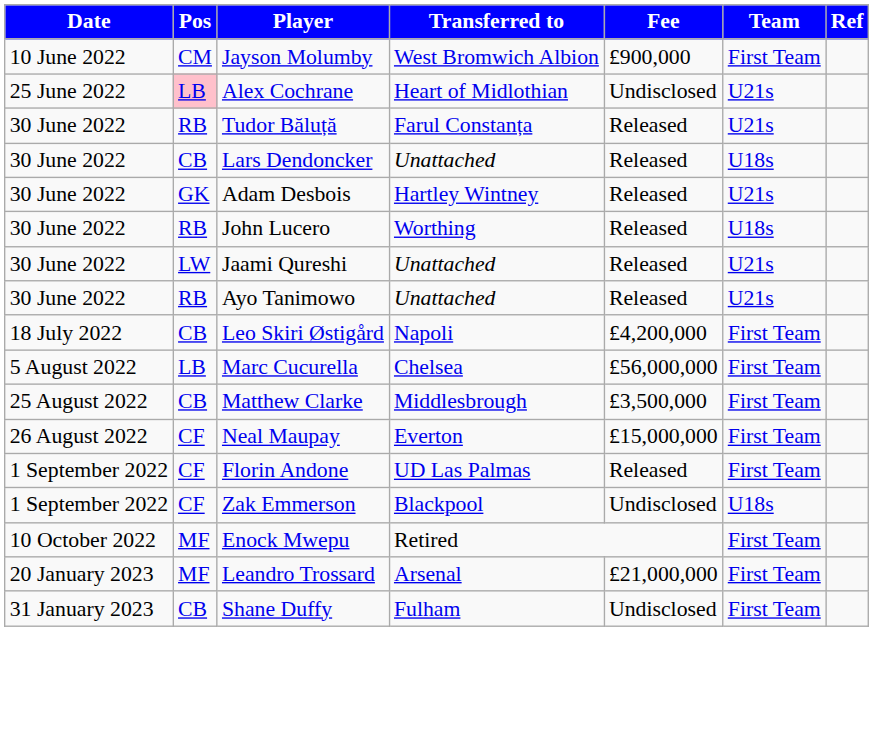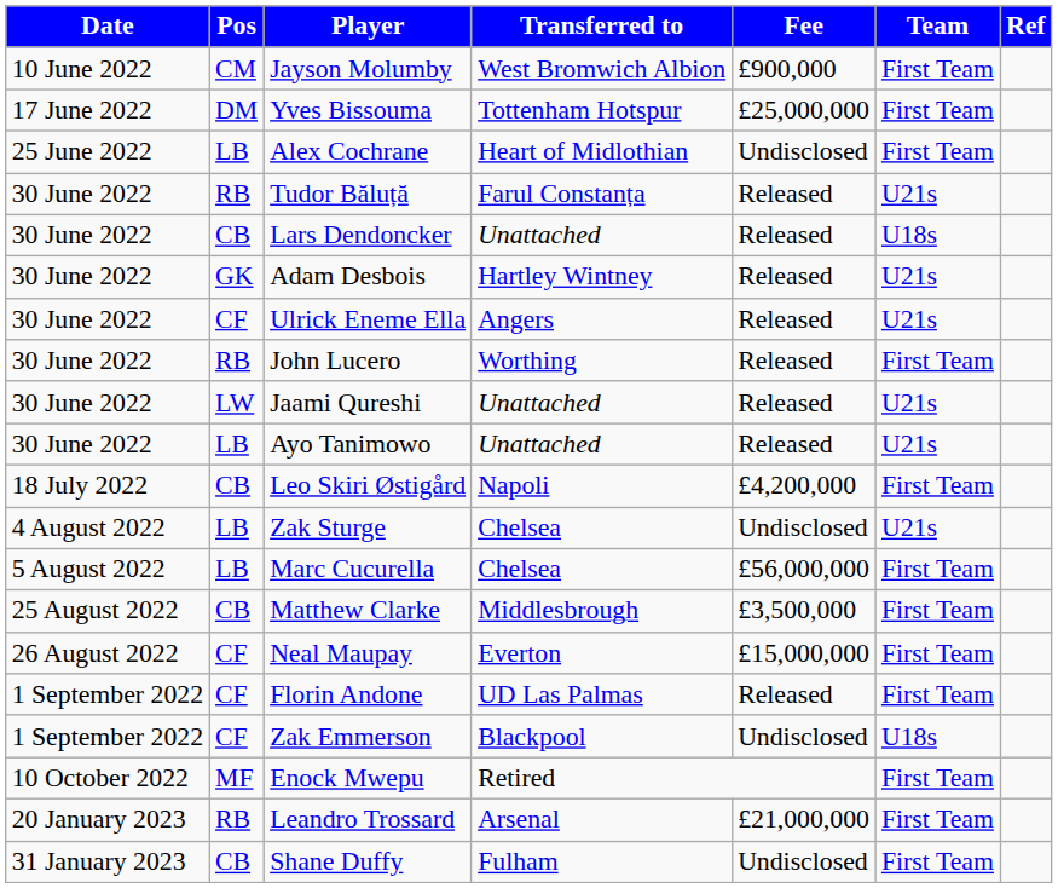 <table class="wikitable plainrowheaders sortable">
 <tr>
 <th style="background:#0000FF; color:#FFFFFF; ">Date</th>
 <th style="background:#0000FF; color:#FFFFFF; ">Pos</th>
 <th style="background:#0000FF; color:#FFFFFF; ">Player</th>
 <th style="background:#0000FF; color:#FFFFFF; ">Transferred to</th>
 <th style="background:#0000FF; color:#FFFFFF; ">Fee</th>
 <th style="background:#0000FF; color:#FFFFFF; ">Team</th>
 <th style="background:#0000FF; color:#FFFFFF; ">Ref</th>
 </tr>
 <tr>
 <td>10 June 2022</td>
 <td><a href='#'>CM</a></td>
 <td> <a href='#'>Jayson Molumby</a></td>
 <td> <a href='#'>West Bromwich Albion</a></td>
 <td>£900,000</td>
 <td><a href='#'>First Team</a></td>
 <td></td>
 </tr>
 <tr>
+<td>17 June 2022</td>
+<td><a href='#'>DM</a></td>
+<td> <a href='#'>Yves Bissouma</a></td>
+<td> <a href='#'>Tottenham Hotspur</a></td>
+<td>£25,000,000</td>
+<td><a href='#'>First Team</a></td>
+<td></td>
+</tr>
+<tr>
 <td>25 June 2022</td>
-<td style="background: pink;"><a href='#'>LB</a></td>
+<td><a href='#'>LB</a></td>
 <td> <a href='#'>Alex Cochrane</a></td>
 <td> <a href='#'>Heart of Midlothian</a></td>
 <td>Undisclosed</td>
-<td><a href='#'>U21s</a></td>
+<td><a href='#'>First Team</a></td>
 <td></td>
 </tr>
 <tr>
 <td>30 June 2022</td>
 <td><a href='#'>RB</a></td>
 <td> <a href='#'>Tudor Băluță</a></td>
 <td> <a href='#'>Farul Constanța</a></td>
 <td>Released</td>
 <td><a href='#'>U21s</a></td>
 <td></td>
 </tr>
 <tr>
 <td>30 June 2022</td>
 <td><a href='#'>CB</a></td>
 <td> <a href='#'>Lars Dendoncker</a></td>
 <td> <em>Unattached</em></td>
 <td>Released</td>
 <td><a href='#'>U18s</a></td>
 <td></td>
 </tr>
 <tr>
 <td>30 June 2022</td>
 <td><a href='#'>GK</a></td>
 <td> Adam Desbois</td>
 <td> <a href='#'>Hartley Wintney</a></td>
 <td>Released</td>
 <td><a href='#'>U21s</a></td>
 <td></td>
 </tr>
 <tr>
 <td>30 June 2022</td>
+<td><a href='#'>CF</a></td>
+<td> <a href='#'>Ulrick Eneme Ella</a></td>
+<td> <a href='#'>Angers</a></td>
+<td>Released</td>
+<td><a href='#'>U21s</a></td>
+<td></td>
+</tr>
+<tr>
+<td>30 June 2022</td>
 <td><a href='#'>RB</a></td>
 <td> John Lucero</td>
 <td> <a href='#'>Worthing</a></td>
 <td>Released</td>
-<td><a href='#'>U18s</a></td>
+<td><a href='#'>First Team</a></td>
 <td></td>
 </tr>
 <tr>
 <td>30 June 2022</td>
 <td><a href='#'>LW</a></td>
 <td> Jaami Qureshi</td>
 <td> <em>Unattached</em></td>
 <td>Released</td>
 <td><a href='#'>U21s</a></td>
 <td></td>
 </tr>
 <tr>
 <td>30 June 2022</td>
-<td><a href='#'>RB</a></td>
+<td><a href='#'>LB</a></td>
 <td> Ayo Tanimowo</td>
 <td> <em>Unattached</em></td>
 <td>Released</td>
 <td><a href='#'>U21s</a></td>
 <td></td>
 </tr>
 <tr>
 <td>18 July 2022</td>
 <td><a href='#'>CB</a></td>
 <td> <a href='#'>Leo Skiri Østigård</a></td>
 <td> <a href='#'>Napoli</a></td>
 <td>£4,200,000</td>
 <td><a href='#'>First Team</a></td>
+<td></td>
+</tr>
+<tr>
+<td>4 August 2022</td>
+<td><a href='#'>LB</a></td>
+<td> <a href='#'>Zak Sturge</a></td>
+<td> <a href='#'>Chelsea</a></td>
+<td>Undisclosed</td>
+<td><a href='#'>U21s</a></td>
 <td></td>
 </tr>
 <tr>
 <td>5 August 2022</td>
 <td><a href='#'>LB</a></td>
 <td> <a href='#'>Marc Cucurella</a></td>
 <td> <a href='#'>Chelsea</a></td>
 <td>£56,000,000</td>
 <td><a href='#'>First Team</a></td>
 <td></td>
 </tr>
 <tr>
 <td>25 August 2022</td>
 <td><a href='#'>CB</a></td>
 <td> <a href='#'>Matthew Clarke</a></td>
 <td> <a href='#'>Middlesbrough</a></td>
 <td>£3,500,000</td>
 <td><a href='#'>First Team</a></td>
 <td></td>
 </tr>
 <tr>
 <td>26 August 2022</td>
 <td><a href='#'>CF</a></td>
 <td> <a href='#'>Neal Maupay</a></td>
 <td> <a href='#'>Everton</a></td>
 <td>£15,000,000</td>
 <td><a href='#'>First Team</a></td>
 <td></td>
 </tr>
 <tr>
 <td>1 September 2022</td>
 <td><a href='#'>CF</a></td>
 <td> <a href='#'>Florin Andone</a></td>
 <td> <a href='#'>UD Las Palmas</a></td>
 <td>Released</td>
 <td><a href='#'>First Team</a></td>
 <td></td>
 </tr>
 <tr>
 <td>1 September 2022</td>
 <td><a href='#'>CF</a></td>
 <td> <a href='#'>Zak Emmerson</a></td>
 <td> <a href='#'>Blackpool</a></td>
 <td>Undisclosed</td>
 <td><a href='#'>U18s</a></td>
 <td></td>
 </tr>
 <tr>
 <td>10 October 2022</td>
 <td><a href='#'>MF</a></td>
 <td> <a href='#'>Enock Mwepu</a></td>
 <td colspan="2">Retired</td>
 <td><a href='#'>First Team</a></td>
 <td></td>
 </tr>
 <tr>
 <td>20 January 2023</td>
-<td><a href='#'>MF</a></td>
+<td><a href='#'>RB</a></td>
 <td> <a href='#'>Leandro Trossard</a></td>
 <td> <a href='#'>Arsenal</a></td>
 <td>£21,000,000</td>
 <td><a href='#'>First Team</a></td>
 <td></td>
 </tr>
 <tr>
 <td>31 January 2023</td>
 <td><a href='#'>CB</a></td>
 <td> <a href='#'>Shane Duffy</a></td>
 <td> <a href='#'>Fulham</a></td>
 <td>Undisclosed</td>
 <td><a href='#'>First Team</a></td>
 <td></td>
 </tr>
 </table>
